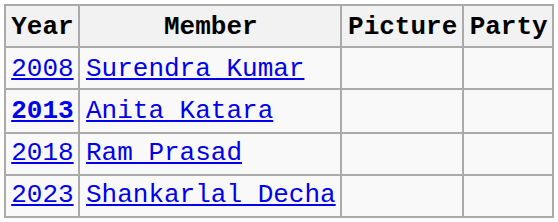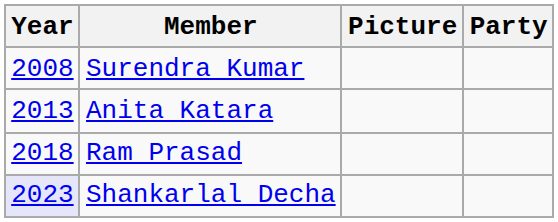 <table class="wikitable sortable">
 <tr>
 <th>Year</th>
 <th>Member</th>
 <th>Picture</th>
 <th colspan=2>Party</th>
 </tr>
 <tr>
 <td><a href='#'>2008</a></td>
 <td><a href='#'>Surendra Kumar</a></td>
 <td></td>
 <td></td>
 </tr>
 <tr>
-<td><strong><a href='#'>2013</a></strong></td>
+<td><a href='#'>2013</a></td>
 <td><a href='#'>Anita Katara</a></td>
 <td></td>
 <td></td>
 </tr>
 <tr>
 <td><a href='#'>2018</a></td>
 <td><a href='#'>Ram Prasad</a></td>
 <td></td>
 <td></td>
 </tr>
 <tr>
-<td><a href='#'>2023</a></td>
+<td style="background: lavender;"><a href='#'>2023</a></td>
 <td><a href='#'>Shankarlal Decha</a></td>
 <td></td>
 <td></td>
 </tr>
 <tr>
 </tr>
 </table>
